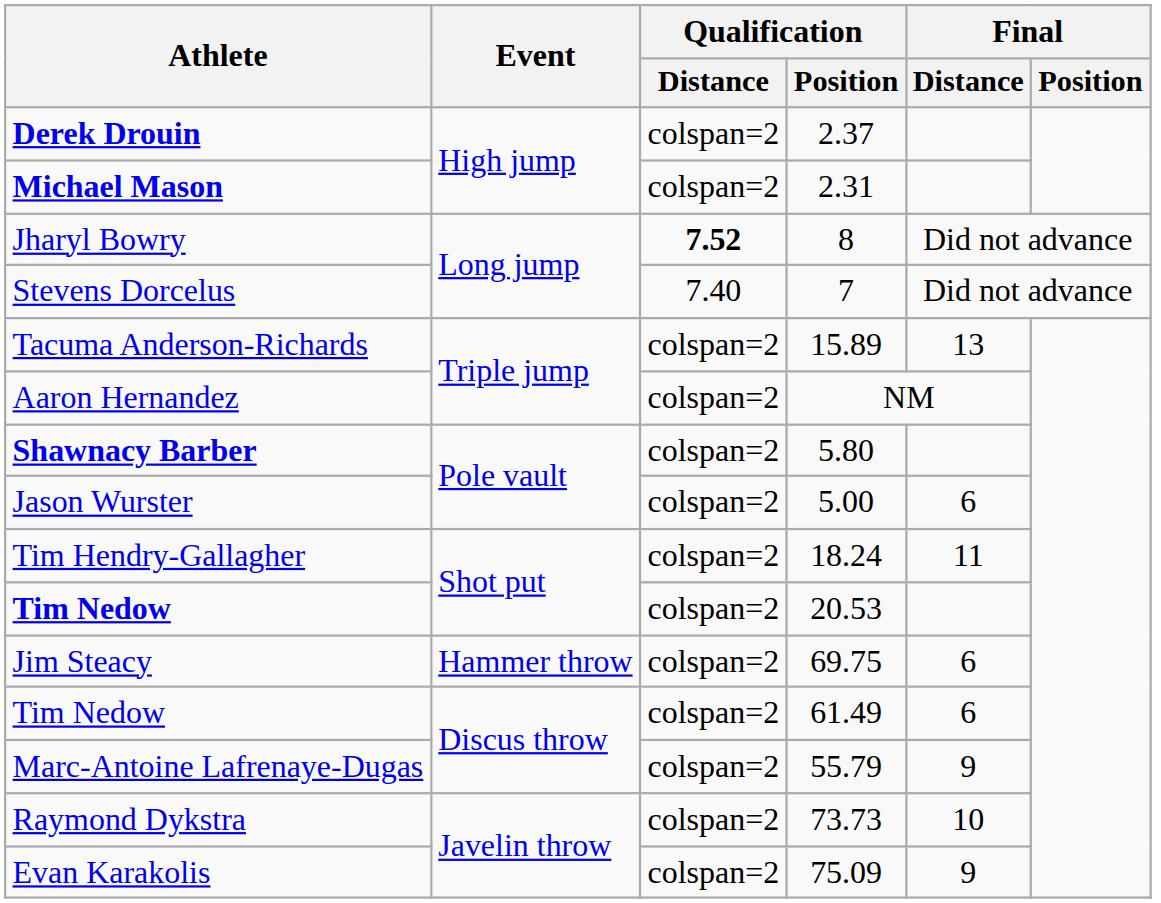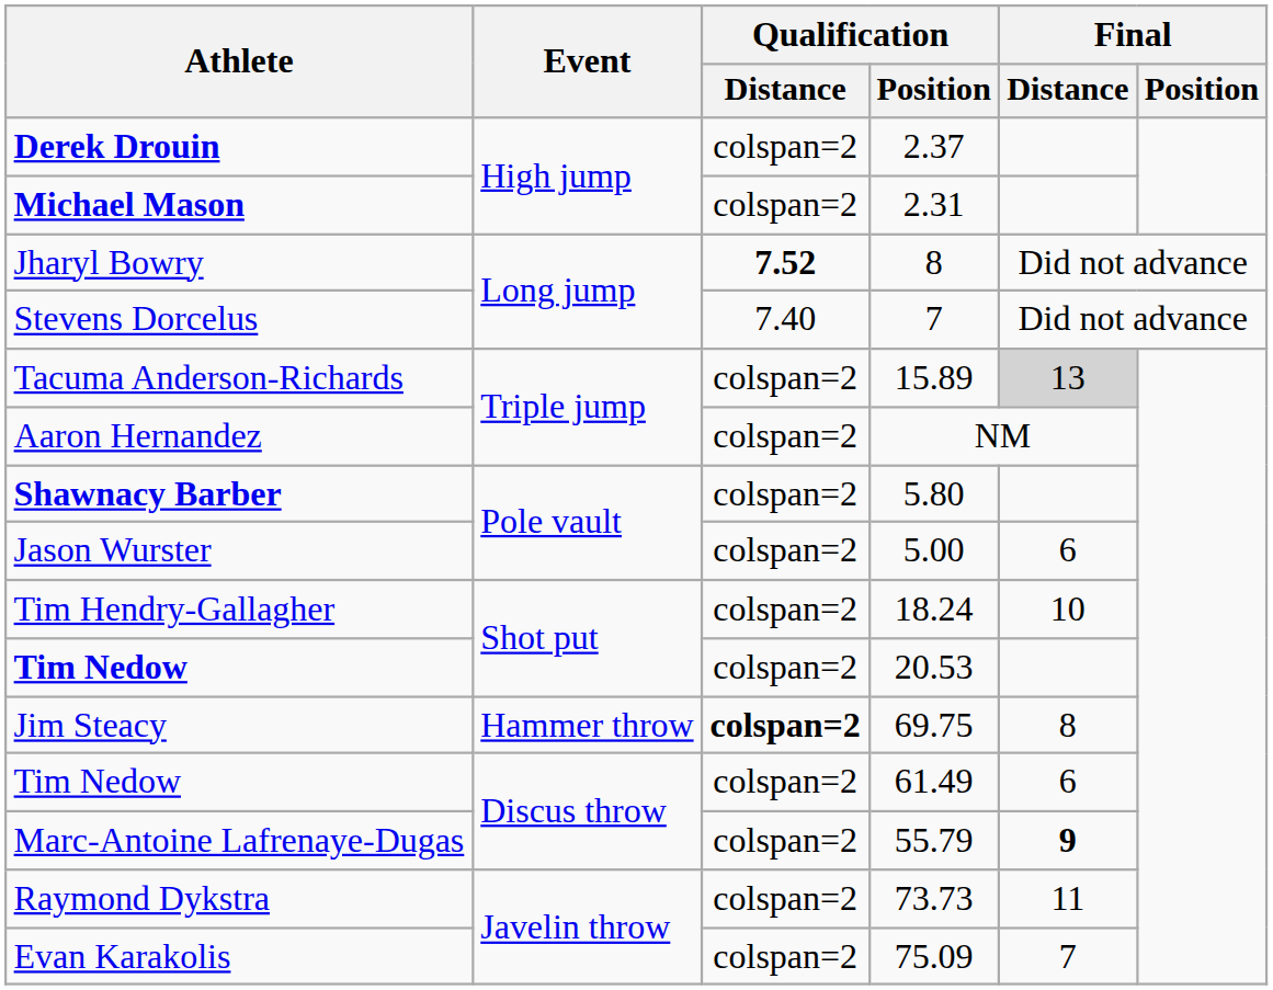 <table class=wikitable style="font-size:90%">
 <tr>
 <th rowspan=2>Athlete</th>
 <th rowspan=2>Event</th>
 <th colspan=2>Qualification</th>
 <th colspan=2>Final</th>
 </tr>
 <tr style="font-size:95%">
 <th>Distance</th>
 <th>Position</th>
 <th>Distance</th>
 <th>Position</th>
 </tr>
 <tr align=center>
 <td align=left><strong><a href='#'>Derek Drouin</a></strong></td>
 <td align=left rowspan=2><a href='#'>High jump</a></td>
 <td>colspan=2 </td>
 <td>2.37</td>
 <td></td>
 </tr>
 <tr align=center>
 <td align=left><strong><a href='#'>Michael Mason</a></strong></td>
 <td>colspan=2 </td>
 <td>2.31</td>
 <td></td>
 </tr>
 <tr align=center>
 <td align=left><a href='#'>Jharyl Bowry</a></td>
 <td align=left rowspan=2><a href='#'>Long jump</a></td>
 <td><strong>7.52</strong></td>
 <td>8</td>
 <td colspan=2>Did not advance</td>
 </tr>
 <tr align=center>
 <td align=left><a href='#'>Stevens Dorcelus</a></td>
 <td>7.40</td>
 <td>7</td>
 <td colspan=2>Did not advance</td>
 </tr>
 <tr align=center>
 <td align=left><a href='#'>Tacuma Anderson-Richards</a></td>
 <td align=left rowspan=2><a href='#'>Triple jump</a></td>
 <td>colspan=2 </td>
 <td>15.89</td>
-<td>13</td>
+<td style="background: lightgrey;">13</td>
 </tr>
 <tr align=center>
 <td align=left><a href='#'>Aaron Hernandez</a></td>
 <td>colspan=2 </td>
 <td colspan=2>NM</td>
 </tr>
 <tr align=center>
 <td align=left><strong><a href='#'>Shawnacy Barber</a></strong></td>
 <td align=left rowspan=2><a href='#'>Pole vault</a></td>
 <td>colspan=2 </td>
 <td>5.80</td>
 <td></td>
 </tr>
 <tr align=center>
 <td align=left><a href='#'>Jason Wurster</a></td>
 <td>colspan=2 </td>
 <td>5.00</td>
 <td>6</td>
 </tr>
 <tr align=center>
 <td align=left><a href='#'>Tim Hendry-Gallagher</a></td>
 <td align=left rowspan=2><a href='#'>Shot put</a></td>
 <td>colspan=2 </td>
 <td>18.24</td>
-<td>11</td>
+<td>10</td>
 </tr>
 <tr align=center>
 <td align=left><strong><a href='#'>Tim Nedow</a></strong></td>
 <td>colspan=2 </td>
 <td>20.53</td>
 <td></td>
 </tr>
 <tr align=center>
 <td align=left><a href='#'>Jim Steacy</a></td>
 <td align=left><a href='#'>Hammer throw</a></td>
-<td>colspan=2 </td>
+<td><strong>colspan=2 </strong></td>
 <td>69.75</td>
-<td>6</td>
+<td>8</td>
 </tr>
 <tr align=center>
 <td align=left><a href='#'>Tim Nedow</a></td>
 <td align=left rowspan=2><a href='#'>Discus throw</a></td>
 <td>colspan=2 </td>
 <td>61.49</td>
 <td>6</td>
 </tr>
 <tr align=center>
 <td align=left><a href='#'>Marc-Antoine Lafrenaye-Dugas</a></td>
 <td>colspan=2 </td>
 <td>55.79</td>
-<td>9</td>
+<td><strong>9</strong></td>
 </tr>
 <tr align=center>
 <td align=left><a href='#'>Raymond Dykstra</a></td>
 <td align=left rowspan=2><a href='#'>Javelin throw</a></td>
 <td>colspan=2 </td>
 <td>73.73</td>
-<td>10</td>
+<td>11</td>
 </tr>
 <tr align=center>
 <td align=left><a href='#'>Evan Karakolis</a></td>
 <td>colspan=2 </td>
 <td>75.09</td>
-<td>9</td>
+<td>7</td>
 </tr>
 </table>
